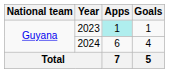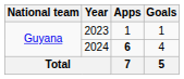 <table class="wikitable" style="text-align:center">
 <tr>
 <th>National team</th>
 <th>Year</th>
 <th>Apps</th>
 <th>Goals</th>
 </tr>
 <tr>
 <td rowspan="2"><a href='#'>Guyana</a></td>
 <td>2023</td>
-<td style="background: paleturquoise;">1</td>
+<td>1</td>
 <td>1</td>
 </tr>
 <tr>
 <td>2024</td>
-<td>6</td>
+<td><strong>6</strong></td>
 <td>4</td>
 </tr>
 <tr>
 <th colspan="2">Total</th>
 <th>7</th>
 <th>5</th>
 </tr>
 </table>
